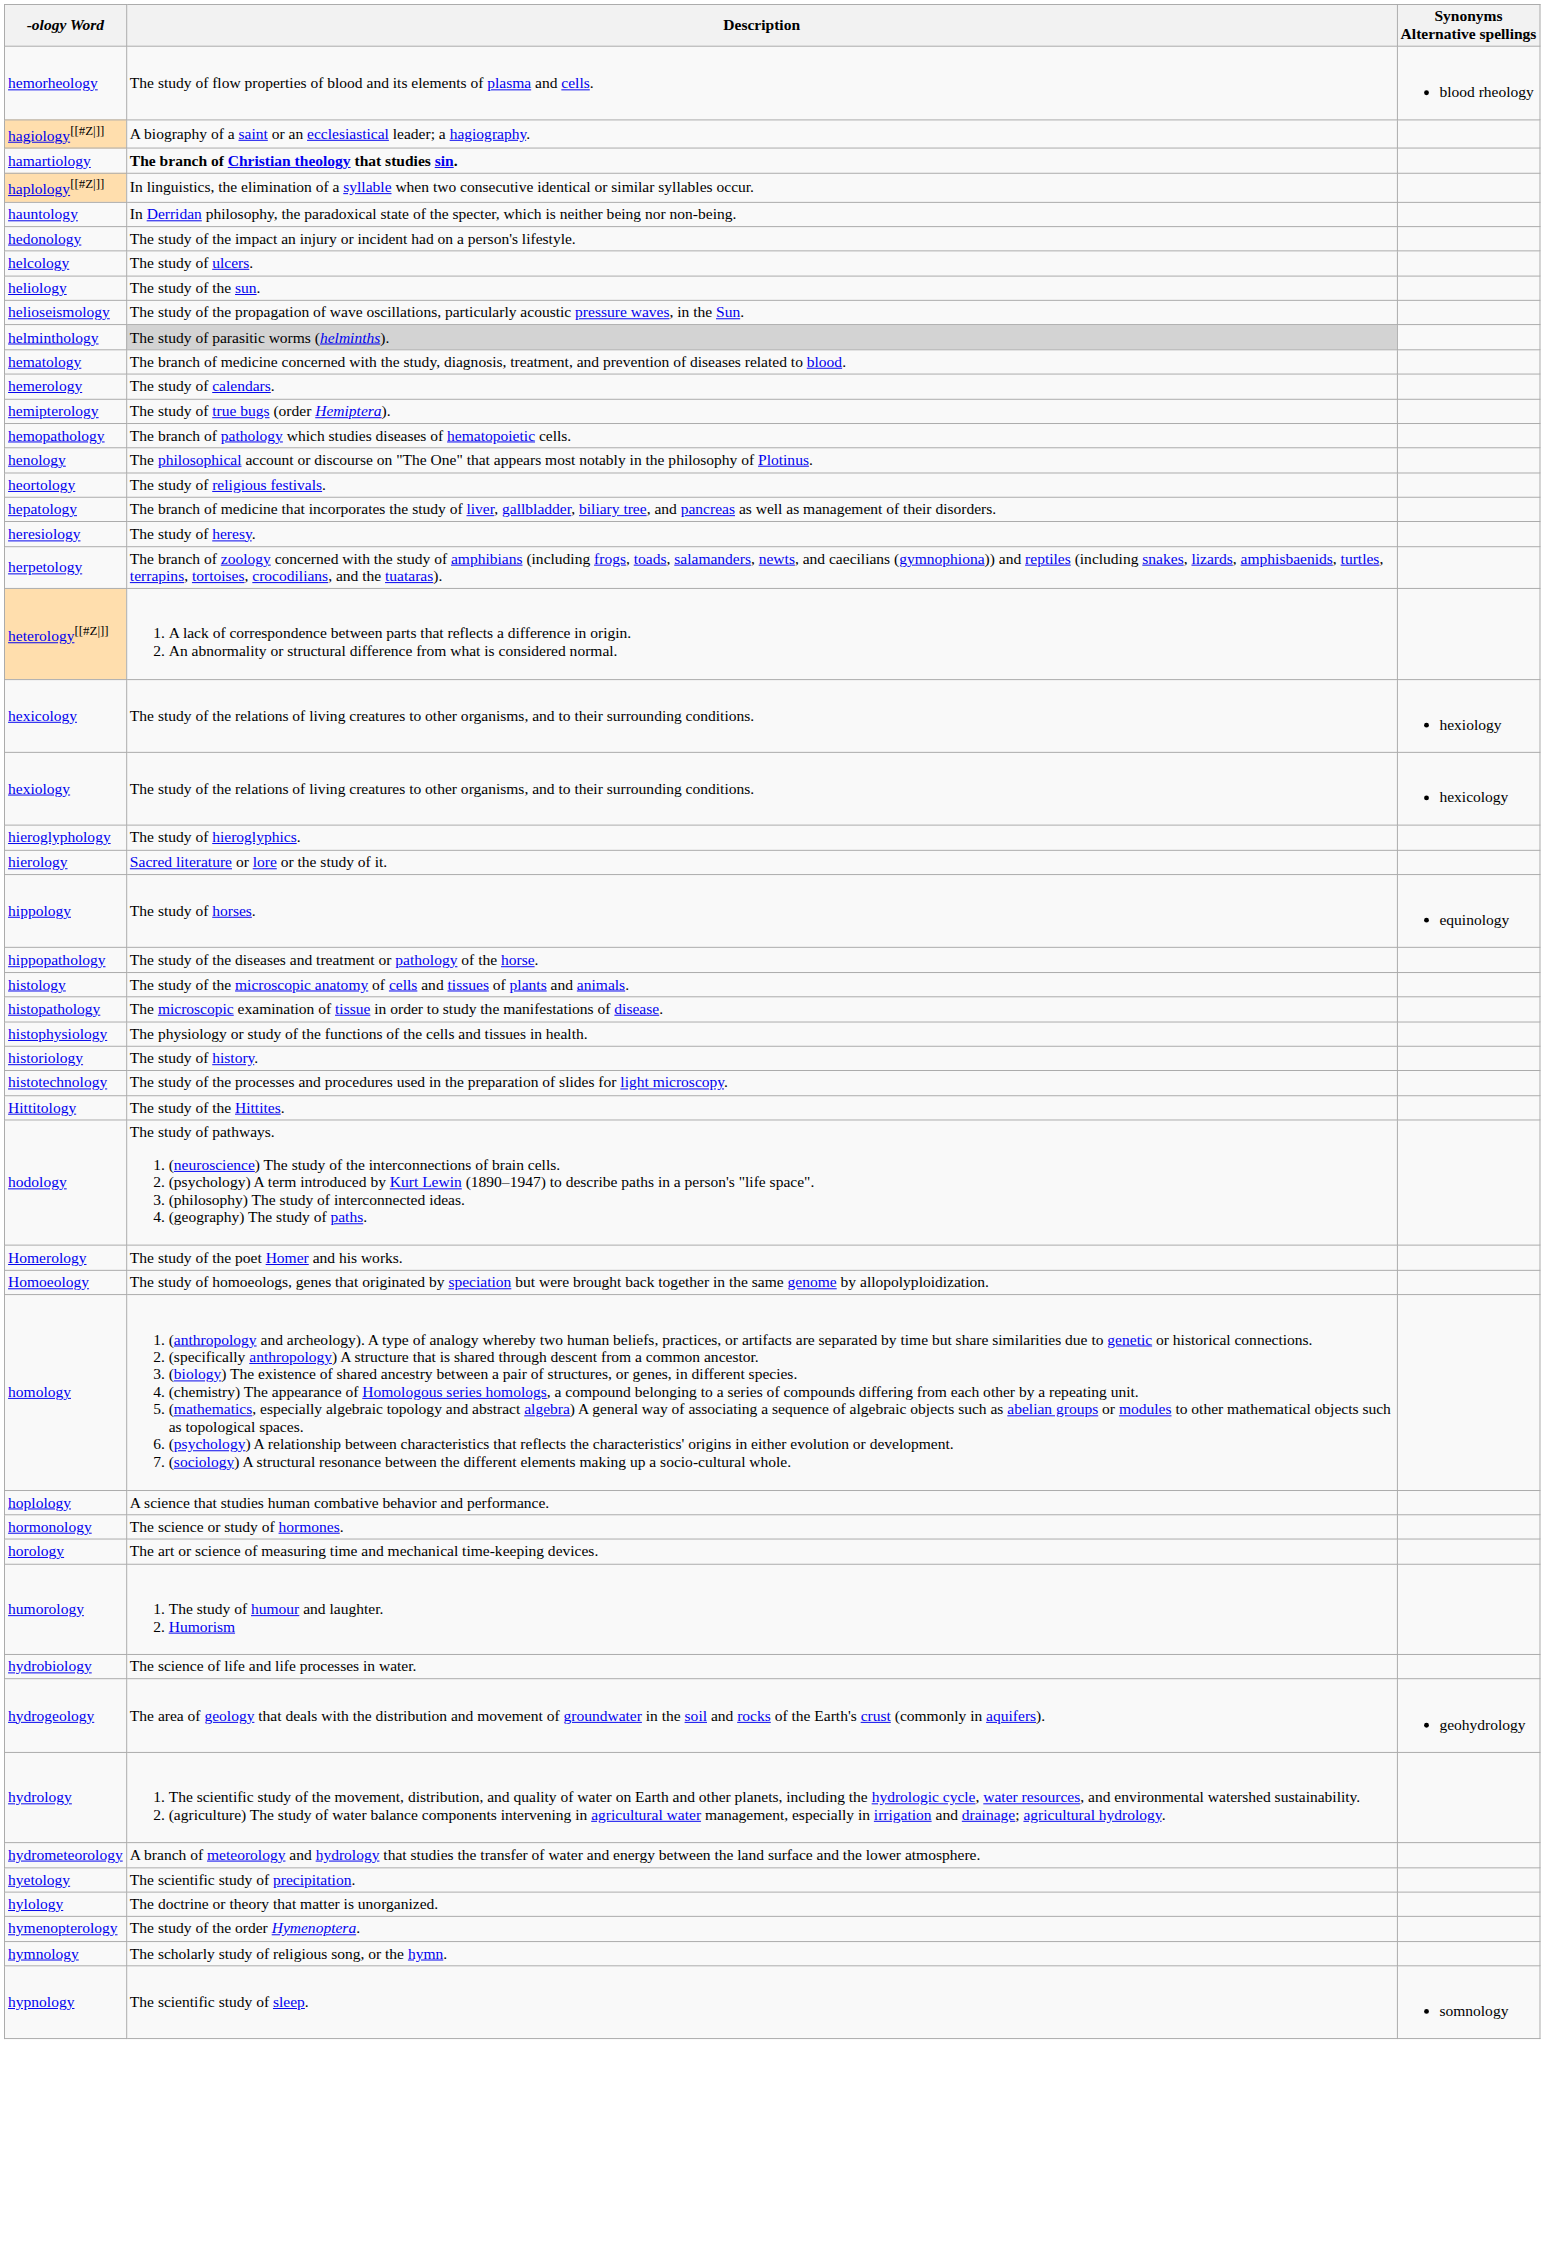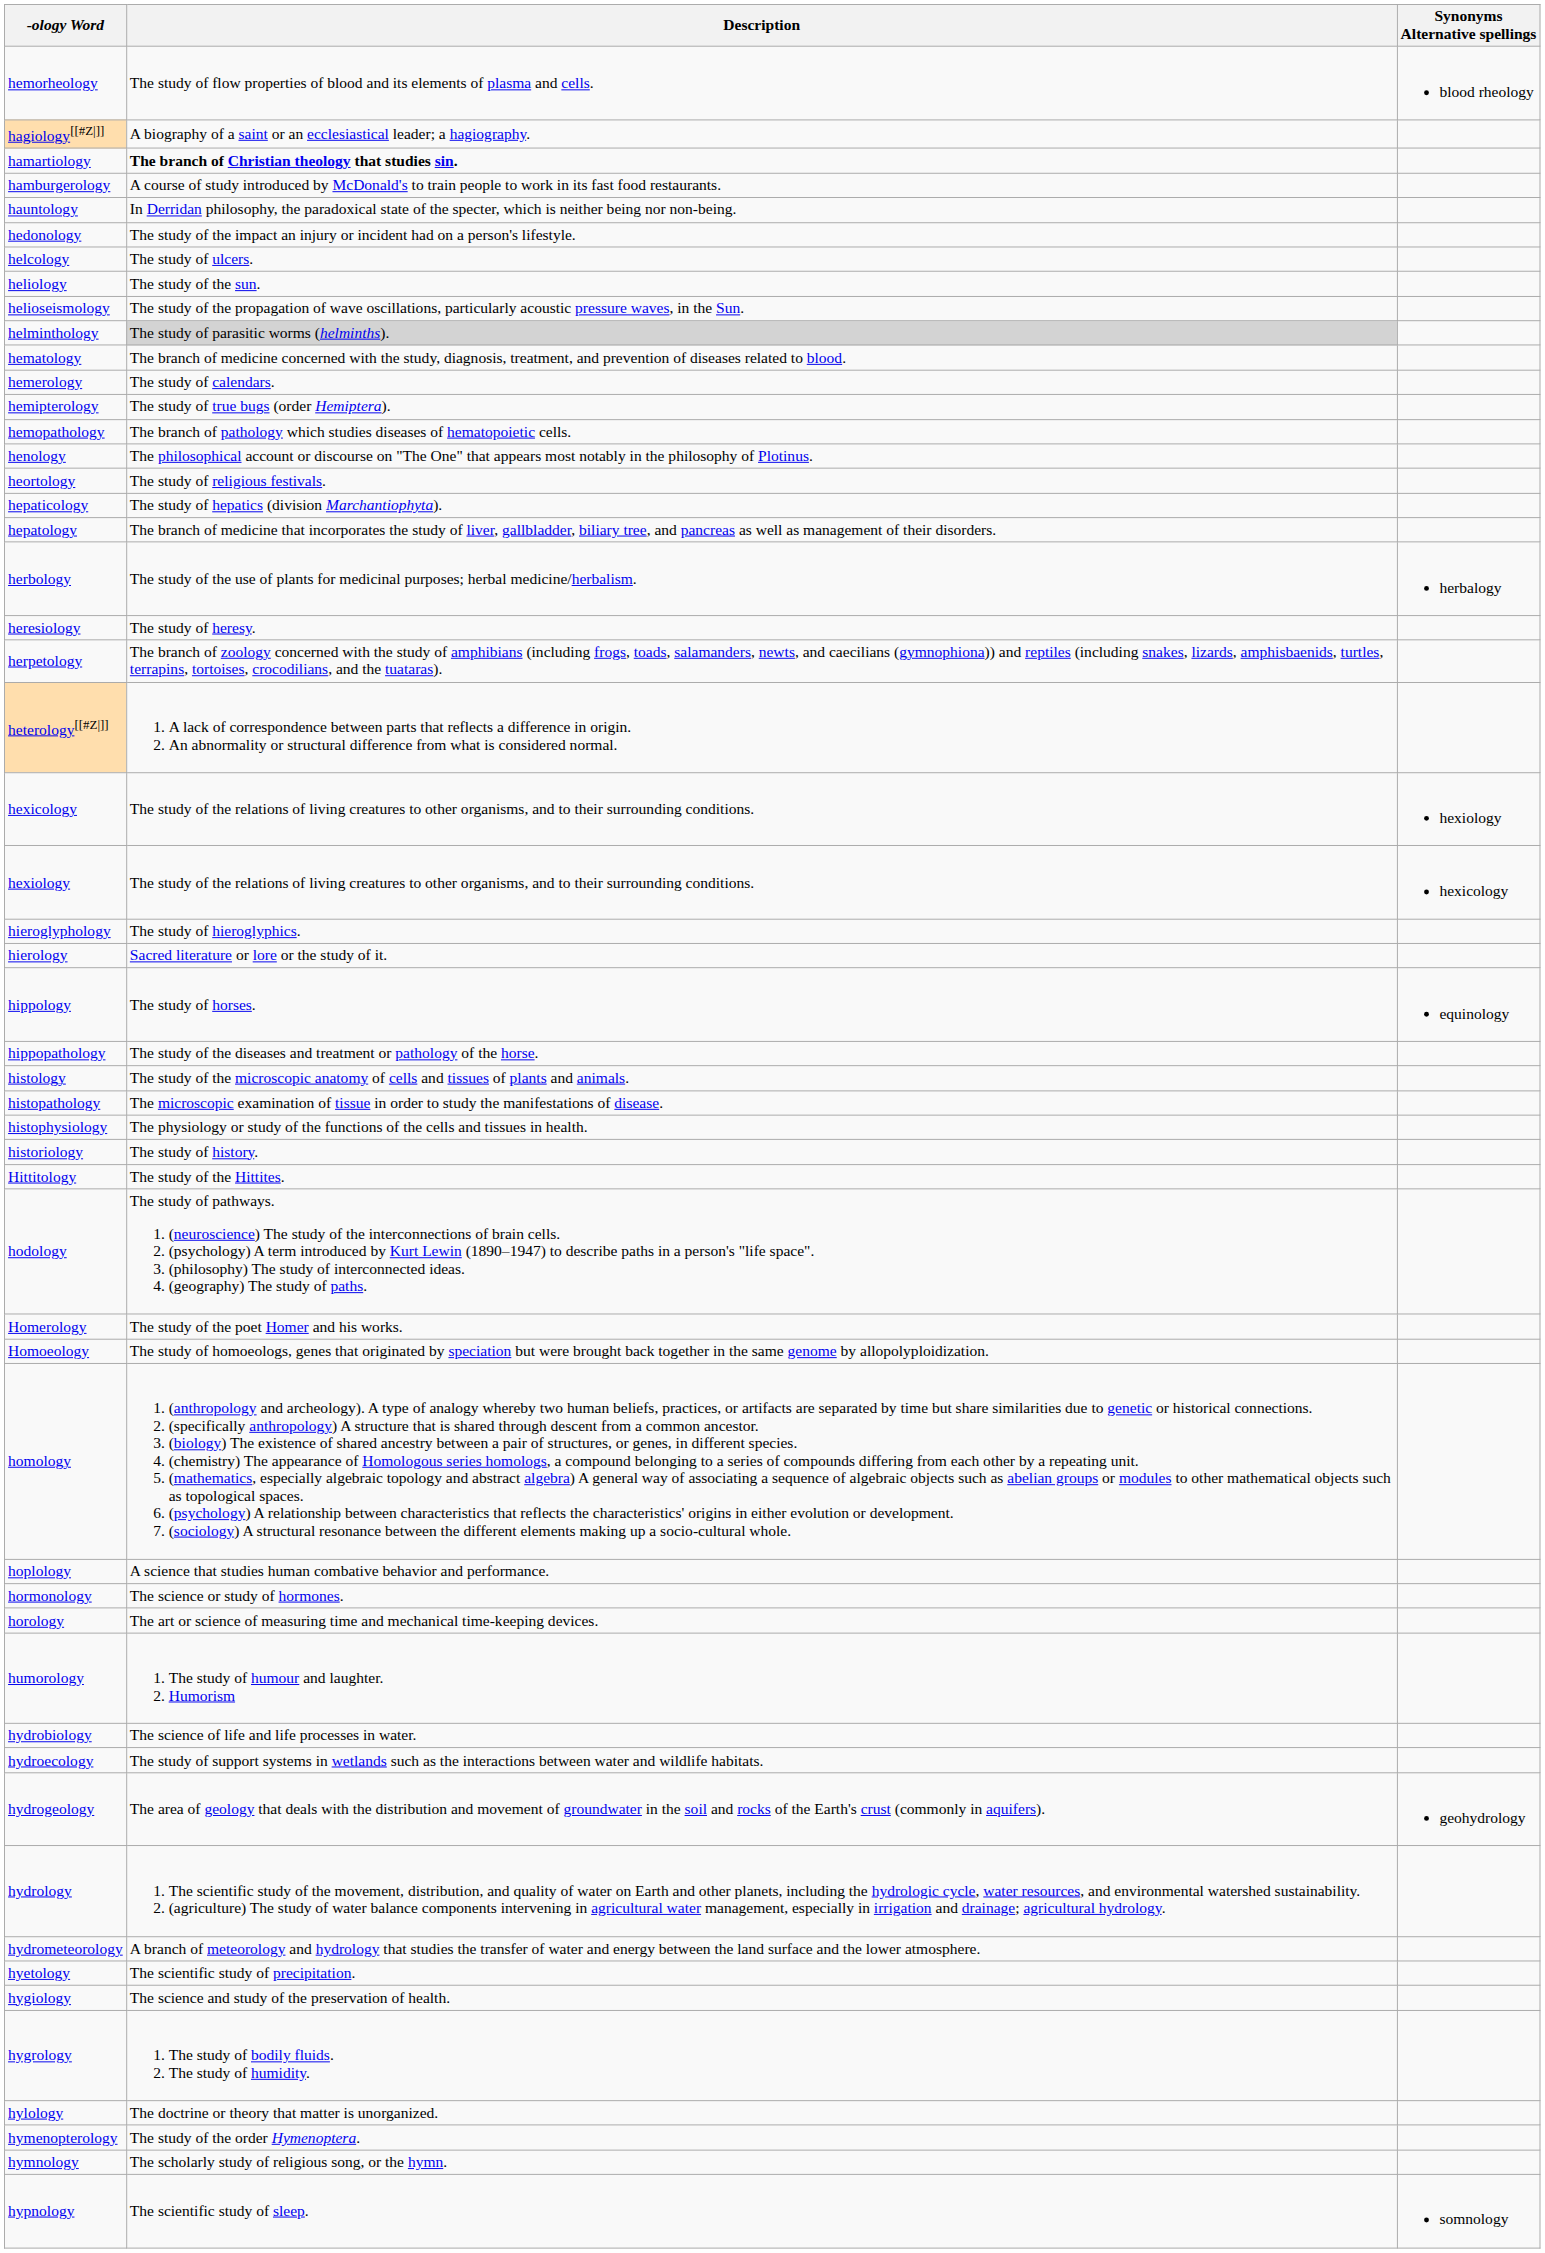 <table class="wikitable" style="width:100%;">
 <tr>
 <th><em>-ology Word</em></th>
 <th>Description</th>
 <th>Synonyms<br>Alternative spellings</th>
 </tr>
 <tr>
 <td><a href='#'>hemorheology</a></td>
 <td>The study of flow properties of blood and its elements of <a href='#'>plasma</a> and <a href='#'>cells</a>.</td>
 <td><br><ul><li>blood rheology</li></ul></td>
 </tr>
 <tr>
 <td style="background: #ffdead"><a href='#'>hagiology</a><sup>[[#Z|]]</sup></td>
 <td>A biography of a <a href='#'>saint</a> or an <a href='#'>ecclesiastical</a> leader; a <a href='#'>hagiography</a>.</td>
 <td></td>
 </tr>
 <tr>
 <td><a href='#'>hamartiology</a></td>
 <td><strong>The branch of <a href='#'>Christian theology</a> that studies <a href='#'>sin</a>.</strong></td>
 <td></td>
 </tr>
 <tr>
-<td style="background: #ffdead"><a href='#'>haplology</a><sup>[[#Z|]]</sup></td>
-<td>In linguistics, the elimination of a <a href='#'>syllable</a> when two consecutive identical or similar syllables occur.</td>
+<td><a href='#'>hamburgerology</a></td>
+<td>A course of study introduced by <a href='#'>McDonald's</a> to train people to work in its fast food restaurants.</td>
 <td></td>
 </tr>
 <tr>
 <td><a href='#'>hauntology</a></td>
 <td>In <a href='#'>Derridan</a> philosophy, the paradoxical state of the specter, which is neither being nor non-being.</td>
 <td></td>
 </tr>
 <tr>
 <td><a href='#'>hedonology</a></td>
 <td>The study of the impact an injury or incident had on a person's lifestyle.</td>
 <td></td>
 </tr>
 <tr>
 <td><a href='#'>helcology</a></td>
 <td>The study of <a href='#'>ulcers</a>.</td>
 <td></td>
 </tr>
 <tr>
 <td><a href='#'>heliology</a></td>
 <td>The study of the <a href='#'>sun</a>.</td>
 <td></td>
 </tr>
 <tr>
 <td><a href='#'>helioseismology</a></td>
 <td>The study of the propagation of wave oscillations, particularly acoustic <a href='#'>pressure waves</a>, in the <a href='#'>Sun</a>.</td>
 <td></td>
 </tr>
 <tr>
 <td><a href='#'>helminthology</a></td>
 <td style="background: lightgrey;">The study of parasitic worms (<em><a href='#'>helminths</a></em>).</td>
 <td></td>
 </tr>
 <tr>
 <td><a href='#'>hematology</a></td>
 <td>The branch of medicine concerned with the study, diagnosis, treatment, and prevention of diseases related to <a href='#'>blood</a>.</td>
 <td></td>
 </tr>
 <tr>
 <td><a href='#'>hemerology</a></td>
 <td>The study of <a href='#'>calendars</a>.</td>
 <td></td>
 </tr>
 <tr>
 <td><a href='#'>hemipterology</a></td>
 <td>The study of <a href='#'>true bugs</a> (order <em><a href='#'>Hemiptera</a></em>).</td>
 <td></td>
 </tr>
 <tr>
 <td><a href='#'>hemopathology</a></td>
 <td>The branch of <a href='#'>pathology</a> which studies diseases of <a href='#'>hematopoietic</a> cells.</td>
 <td></td>
 </tr>
 <tr>
 <td><a href='#'>henology</a></td>
 <td>The <a href='#'>philosophical</a> account or discourse on "The One" that appears most notably in the philosophy of <a href='#'>Plotinus</a>.</td>
 <td></td>
 </tr>
 <tr>
 <td><a href='#'>heortology</a></td>
 <td>The study of <a href='#'>religious festivals</a>.</td>
 <td></td>
 </tr>
 <tr>
+<td><a href='#'>hepaticology</a></td>
+<td>The study of <a href='#'>hepatics</a> (division <em><a href='#'>Marchantiophyta</a></em>).</td>
+<td></td>
+</tr>
+<tr>
 <td><a href='#'>hepatology</a></td>
 <td>The branch of medicine that incorporates the study of <a href='#'>liver</a>, <a href='#'>gallbladder</a>, <a href='#'>biliary tree</a>, and <a href='#'>pancreas</a> as well as management of their disorders.</td>
 <td></td>
+</tr>
+<tr>
+<td><a href='#'>herbology</a></td>
+<td>The study of the use of plants for medicinal purposes; herbal medicine/<a href='#'>herbalism</a>.</td>
+<td><br><ul><li>herbalogy</li></ul></td>
 </tr>
 <tr>
 <td><a href='#'>heresiology</a></td>
 <td>The study of <a href='#'>heresy</a>.</td>
 <td></td>
 </tr>
 <tr>
 <td><a href='#'>herpetology</a></td>
 <td>The branch of <a href='#'>zoology</a> concerned with the study of <a href='#'>amphibians</a> (including <a href='#'>frogs</a>, <a href='#'>toads</a>, <a href='#'>salamanders</a>, <a href='#'>newts</a>, and caecilians (<a href='#'>gymnophiona</a>)) and <a href='#'>reptiles</a> (including <a href='#'>snakes</a>, <a href='#'>lizards</a>, <a href='#'>amphisbaenids</a>, <a href='#'>turtles</a>, <a href='#'>terrapins</a>, <a href='#'>tortoises</a>, <a href='#'>crocodilians</a>, and the <a href='#'>tuataras</a>).</td>
 <td></td>
 </tr>
 <tr>
 <td style="background: #ffdead"><a href='#'>heterology</a><sup>[[#Z|]]</sup></td>
 <td><br><ol><li>A lack of correspondence between parts that reflects a difference in origin.</li><li>An abnormality or structural difference from what is considered normal.</li></ol></td>
 <td></td>
 </tr>
 <tr>
 <td><a href='#'>hexicology</a></td>
 <td>The study of the relations of living creatures to other organisms, and to their surrounding conditions.</td>
 <td><br><ul><li>hexiology</li></ul></td>
 </tr>
 <tr>
 <td><a href='#'>hexiology</a></td>
 <td>The study of the relations of living creatures to other organisms, and to their surrounding conditions.</td>
 <td><br><ul><li>hexicology</li></ul></td>
 </tr>
 <tr>
 <td><a href='#'>hieroglyphology</a></td>
 <td>The study of <a href='#'>hieroglyphics</a>.</td>
 <td></td>
 </tr>
 <tr>
 <td><a href='#'>hierology</a></td>
 <td><a href='#'>Sacred literature</a> or <a href='#'>lore</a> or the study of it.</td>
 <td></td>
 </tr>
 <tr>
 <td><a href='#'>hippology</a></td>
 <td>The study of <a href='#'>horses</a>.</td>
 <td><br><ul><li>equinology</li></ul></td>
 </tr>
 <tr>
 <td><a href='#'>hippopathology</a></td>
 <td>The study of the diseases and treatment or <a href='#'>pathology</a> of the <a href='#'>horse</a>.</td>
 <td></td>
 </tr>
 <tr>
 <td><a href='#'>histology</a></td>
 <td>The study of the <a href='#'>microscopic anatomy</a> of <a href='#'>cells</a> and <a href='#'>tissues</a> of <a href='#'>plants</a> and <a href='#'>animals</a>.</td>
 <td></td>
 </tr>
 <tr>
 <td><a href='#'>histopathology</a></td>
 <td>The <a href='#'>microscopic</a> examination of <a href='#'>tissue</a> in order to study the manifestations of <a href='#'>disease</a>.</td>
 <td></td>
 </tr>
 <tr>
 <td><a href='#'>histophysiology</a></td>
 <td>The physiology or study of the functions of the cells and tissues in health.</td>
 <td></td>
 </tr>
 <tr>
 <td><a href='#'>historiology</a></td>
 <td>The study of <a href='#'>history</a>.</td>
 <td></td>
 </tr>
 <tr>
-<td><a href='#'>histotechnology</a></td>
-<td>The study of the processes and procedures used in the preparation of slides for <a href='#'>light microscopy</a>.</td>
-<td></td>
-</tr>
-<tr>
 <td><a href='#'>Hittitology</a></td>
 <td>The study of the <a href='#'>Hittites</a>.</td>
 <td></td>
 </tr>
 <tr>
 <td><a href='#'>hodology</a></td>
 <td>The study of pathways.<br><ol><li>(<a href='#'>neuroscience</a>) The study of the interconnections of brain cells.</li><li>(psychology) A term introduced by <a href='#'>Kurt Lewin</a> (1890–1947) to describe paths in a person's "life space".</li><li>(philosophy) The study of interconnected ideas.</li><li>(geography) The study of <a href='#'>paths</a>.</li></ol></td>
 <td></td>
 </tr>
 <tr>
 <td><a href='#'>Homerology</a></td>
 <td>The study of the poet <a href='#'>Homer</a> and his works.</td>
 <td></td>
 </tr>
 <tr>
 <td><a href='#'>Homoeology</a></td>
 <td>The study of homoeologs, genes that originated by <a href='#'>speciation</a> but were brought back together in the same <a href='#'>genome</a> by allopolyploidization.</td>
 <td></td>
 </tr>
 <tr>
 <td><a href='#'>homology</a></td>
 <td><br><ol><li>(<a href='#'>anthropology</a> and archeology). A type of analogy whereby two human beliefs, practices, or artifacts are separated by time but share similarities due to <a href='#'>genetic</a> or historical connections.</li><li>(specifically <a href='#'>anthropology</a>) A structure that is shared through descent from a common ancestor.</li><li>(<a href='#'>biology</a>) The existence of shared ancestry between a pair of structures, or genes, in different species.</li><li>(chemistry) The appearance of <a href='#'>Homologous series homologs</a>, a compound belonging to a series of compounds differing from each other by a repeating unit.</li><li>(<a href='#'>mathematics</a>, especially algebraic topology and abstract <a href='#'>algebra</a>) A general way of associating a sequence of algebraic objects such as <a href='#'>abelian groups</a> or <a href='#'>modules</a> to other mathematical objects such as topological spaces.</li><li>(<a href='#'>psychology</a>) A relationship between characteristics that reflects the characteristics' origins in either evolution or development.</li><li>(<a href='#'>sociology</a>) A structural resonance between the different elements making up a socio-cultural whole.</li></ol></td>
 <td></td>
 </tr>
 <tr>
 <td><a href='#'>hoplology</a></td>
 <td>A science that studies human combative behavior and performance.</td>
 <td></td>
 </tr>
 <tr>
 <td><a href='#'>hormonology</a></td>
 <td>The science or study of <a href='#'>hormones</a>.</td>
 <td></td>
 </tr>
 <tr>
 <td><a href='#'>horology</a></td>
 <td>The art or science of measuring time and mechanical time-keeping devices.</td>
 <td></td>
 </tr>
 <tr>
 <td><a href='#'>humorology</a></td>
 <td><br><ol><li>The study of <a href='#'>humour</a> and laughter.</li><li><a href='#'>Humorism</a></li></ol></td>
 <td></td>
 </tr>
 <tr>
 <td><a href='#'>hydrobiology</a></td>
 <td>The science of life and life processes in water.</td>
 <td></td>
 </tr>
 <tr>
+<td><a href='#'>hydroecology</a></td>
+<td>The study of support systems in <a href='#'>wetlands</a> such as the interactions between water and wildlife habitats.</td>
+<td></td>
+</tr>
+<tr>
 <td><a href='#'>hydrogeology</a></td>
 <td>The area of <a href='#'>geology</a> that deals with the distribution and movement of <a href='#'>groundwater</a> in the <a href='#'>soil</a> and <a href='#'>rocks</a> of the Earth's <a href='#'>crust</a> (commonly in <a href='#'>aquifers</a>).</td>
 <td><br><ul><li>geohydrology</li></ul></td>
 </tr>
 <tr>
 <td><a href='#'>hydrology</a></td>
 <td><br><ol><li>The scientific study of the movement, distribution, and quality of water on Earth and other planets, including the <a href='#'>hydrologic cycle</a>, <a href='#'>water resources</a>, and environmental watershed sustainability.</li><li>(agriculture) The study of water balance components intervening in <a href='#'>agricultural water</a> management, especially in <a href='#'>irrigation</a> and <a href='#'>drainage</a>; <a href='#'>agricultural hydrology</a>.</li></ol></td>
 <td></td>
 </tr>
 <tr>
 <td><a href='#'>hydrometeorology</a></td>
 <td>A branch of <a href='#'>meteorology</a> and <a href='#'>hydrology</a> that studies the transfer of water and energy between the land surface and the lower atmosphere.</td>
 <td></td>
 </tr>
 <tr>
 <td><a href='#'>hyetology</a></td>
 <td>The scientific study of <a href='#'>precipitation</a>.</td>
+<td></td>
+</tr>
+<tr>
+<td><a href='#'>hygiology</a></td>
+<td>The science and study of the preservation of health.</td>
+<td></td>
+</tr>
+<tr>
+<td><a href='#'>hygrology</a></td>
+<td><br><ol><li>The study of <a href='#'>bodily fluids</a>.</li><li>The study of <a href='#'>humidity</a>.</li></ol></td>
 <td></td>
 </tr>
 <tr>
 <td><a href='#'>hylology</a></td>
 <td>The doctrine or theory that matter is unorganized.</td>
 <td></td>
 </tr>
 <tr>
 <td><a href='#'>hymenopterology</a></td>
 <td>The study of the order <em><a href='#'>Hymenoptera</a></em>.</td>
 <td></td>
 </tr>
 <tr>
 <td><a href='#'>hymnology</a></td>
 <td>The scholarly study of religious song, or the <a href='#'>hymn</a>.</td>
 <td></td>
 </tr>
 <tr>
 <td><a href='#'>hypnology</a></td>
 <td>The scientific study of <a href='#'>sleep</a>.</td>
 <td><br><ul><li>somnology</li></ul></td>
 </tr>
 </table>
